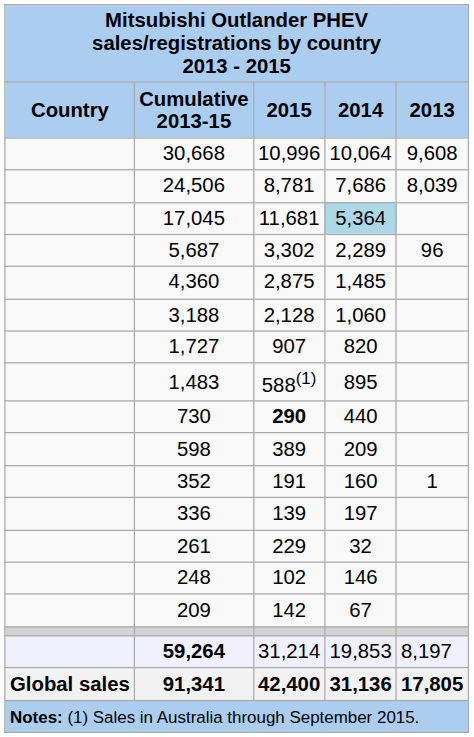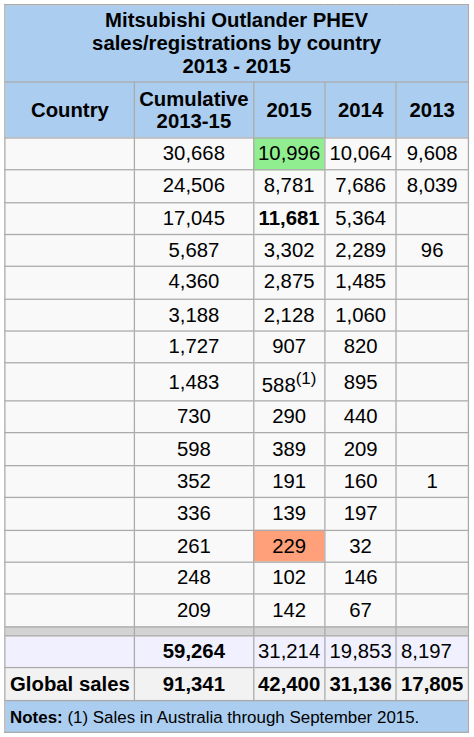 <table class="wikitable" style="margin: 1em auto 1em auto">
 <tr>
 <th colspan="5" style="text-align:center; background:#abcdef;">Mitsubishi Outlander PHEV<br>sales/registrations by country<br>2013 - 2015</th>
 </tr>
 <tr>
 <th style="background:#abcdef;">Country</th>
 <th style="background:#abcdef;">Cumulative<br>2013-15</th>
 <th style="background:#abcdef;">2015</th>
 <th style="background:#abcdef;">2014</th>
 <th style="background:#abcdef;">2013</th>
 </tr>
 <tr align=center>
 <td align=left></td>
 <td>30,668</td>
-<td>10,996</td>
+<td style="background: lightgreen;">10,996</td>
 <td>10,064</td>
 <td>9,608</td>
 </tr>
 <tr align=center>
 <td align=left></td>
 <td>24,506</td>
 <td>8,781</td>
 <td>7,686</td>
 <td>8,039</td>
 </tr>
 <tr align=center>
 <td align=left></td>
 <td>17,045</td>
-<td>11,681</td>
-<td style="background: lightblue;">5,364</td>
+<td><strong>11,681</strong></td>
+<td>5,364</td>
 <td> </td>
 </tr>
 <tr align=center>
 <td align=left></td>
 <td>5,687</td>
 <td>3,302</td>
 <td>2,289</td>
 <td>96</td>
 </tr>
 <tr align=center>
 <td align=left></td>
 <td>4,360</td>
 <td>2,875</td>
 <td>1,485</td>
 <td> </td>
 </tr>
 <tr align=center>
 <td align=left></td>
 <td>3,188</td>
 <td>2,128</td>
 <td>1,060</td>
 <td> </td>
 </tr>
 <tr align=center>
 <td align=left></td>
 <td>1,727</td>
 <td>907</td>
 <td>820</td>
 <td> </td>
 </tr>
 <tr align=center>
 <td align=left></td>
 <td>1,483</td>
 <td>588<sup>(1)</sup></td>
 <td>895</td>
 <td> </td>
 </tr>
 <tr align=center>
 <td align=left></td>
 <td>730</td>
-<td><strong>290</strong></td>
+<td>290</td>
 <td>440</td>
 <td> </td>
 </tr>
 <tr align=center>
 <td align=left></td>
 <td>598</td>
 <td>389</td>
 <td>209</td>
 <td> </td>
 </tr>
 <tr align=center>
 <td align=left></td>
 <td>352</td>
 <td>191</td>
 <td>160</td>
 <td>1</td>
 </tr>
 <tr align=center>
 <td align=left></td>
 <td>336</td>
 <td>139</td>
 <td>197</td>
 <td> </td>
 </tr>
 <tr align=center>
 <td align=left></td>
 <td>261</td>
-<td>229</td>
+<td style="background: lightsalmon;">229</td>
 <td>32</td>
 <td> </td>
 </tr>
 <tr align=center>
 <td align=left></td>
 <td>248</td>
 <td>102</td>
 <td>146</td>
 <td> </td>
 </tr>
 <tr align=center>
 <td align=left></td>
 <td>209</td>
 <td>142</td>
 <td>67</td>
 <td> </td>
 </tr>
 <tr style="background:lightgrey;">
 <td></td>
 <td></td>
 <td></td>
 <td></td>
 <td></td>
 </tr>
 <tr>
 <td style="background:#f0f0ff;" align=left></td>
 <th style="background:#f0f0ff;">59,264</th>
 <td style="background:#f0f0ff;">31,214</td>
 <td style="background:#f0f0ff;">19,853</td>
 <td style="background:#f0f0ff;">8,197</td>
 </tr>
 <tr align=center>
 <th><strong>Global sales</strong></th>
 <th>91,341</th>
 <th>42,400</th>
 <th>31,136</th>
 <th>17,805</th>
 </tr>
 <tr>
 <td colspan="6" style="text-align:left; background:#abcdef;"><small><strong>Notes:</strong> (1) Sales in Australia through September 2015.</small></td>
 </tr>
 </table>
